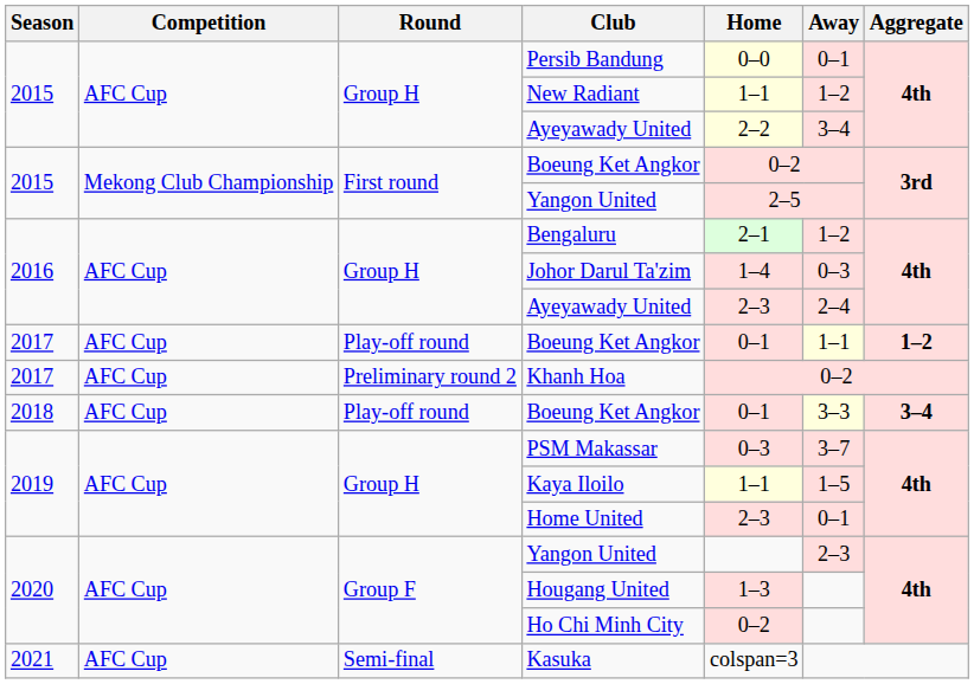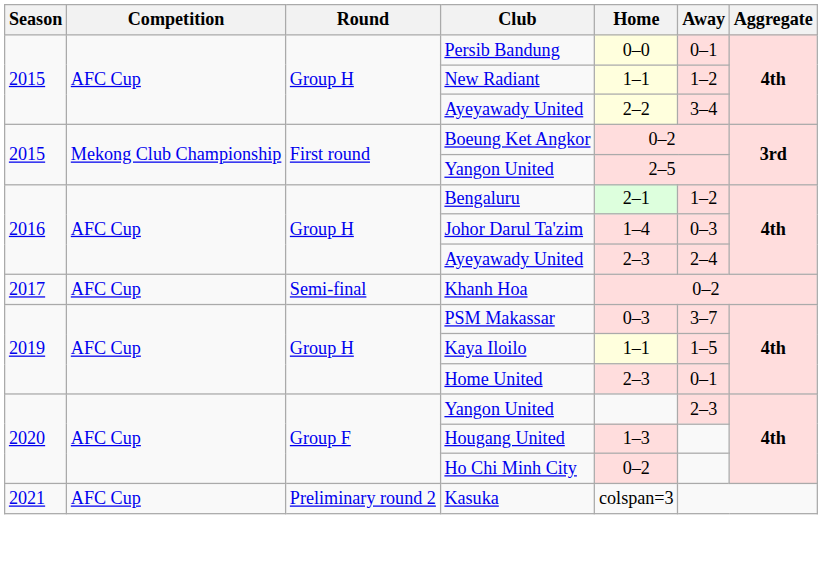 <table class="wikitable mw-collapsible mw-collapsed" align=center cellspacing="0" cellpadding="3" style="border:1px solid #AAAAAA;font-size:90%">
 <tr>
 <th>Season</th>
 <th>Competition</th>
 <th>Round</th>
 <th>Club</th>
 <th>Home</th>
 <th>Away</th>
 <th>Aggregate</th>
 </tr>
 <tr>
 <td rowspan="3"><a href='#'>2015</a></td>
 <td rowspan="3"><a href='#'>AFC Cup</a></td>
 <td rowspan="3"><a href='#'>Group H</a></td>
 <td> <a href='#'>Persib Bandung</a></td>
 <td bgcolor="#ffffdd" style="text-align:center;">0–0</td>
 <td bgcolor="#ffdddd" style="text-align:center;">0–1</td>
 <td bgcolor="#ffdddd" rowspan=3 align="center"><strong>4th</strong></td>
 </tr>
 <tr>
 <td> <a href='#'>New Radiant</a></td>
 <td bgcolor="#ffffdd" style="text-align:center;">1–1</td>
 <td bgcolor="#ffdddd" style="text-align:center;">1–2</td>
 </tr>
 <tr>
 <td> <a href='#'>Ayeyawady United</a></td>
 <td bgcolor="#ffffdd" style="text-align:center;">2–2</td>
 <td bgcolor="#ffdddd" style="text-align:center;">3–4</td>
 </tr>
 <tr>
 <td rowspan="2"><a href='#'>2015</a></td>
 <td rowspan="2"><a href='#'>Mekong Club Championship</a></td>
 <td rowspan="2"><a href='#'>First round</a></td>
 <td> <a href='#'>Boeung Ket Angkor</a></td>
 <td colspan="2" bgcolor="#ffdddd" style="text-align:center;">0–2</td>
 <td bgcolor="#ffdddd" rowspan=2 align="center"><strong>3rd</strong></td>
 </tr>
 <tr>
 <td> <a href='#'>Yangon United</a></td>
 <td colspan="2" bgcolor="#ffdddd" style="text-align:center;">2–5</td>
 </tr>
 <tr>
 <td rowspan="3"><a href='#'>2016</a></td>
 <td rowspan="3"><a href='#'>AFC Cup</a></td>
 <td rowspan="3"><a href='#'>Group H</a></td>
 <td> <a href='#'>Bengaluru</a></td>
 <td bgcolor="#ddffdd" style="text-align:center;">2–1</td>
 <td bgcolor="#ffdddd" style="text-align:center;">1–2</td>
 <td bgcolor="#ffdddd" rowspan=3 align="center"><strong>4th</strong></td>
 </tr>
 <tr>
 <td> <a href='#'>Johor Darul Ta'zim</a></td>
 <td bgcolor="#ffdddd" style="text-align:center;">1–4</td>
 <td bgcolor="#ffdddd" style="text-align:center;">0–3</td>
 </tr>
 <tr>
 <td> <a href='#'>Ayeyawady United</a></td>
 <td bgcolor="#ffdddd" style="text-align:center;">2–3</td>
 <td bgcolor="#ffdddd" style="text-align:center;">2–4</td>
 </tr>
 <tr>
 <td rowspan="1"><a href='#'>2017</a></td>
 <td rowspan="1"><a href='#'>AFC Cup</a></td>
-<td rowspan="1"><a href='#'>Play-off round</a></td>
-<td> <a href='#'>Boeung Ket Angkor</a></td>
-<td bgcolor="#ffdddd" style="text-align:center;">0–1</td>
-<td bgcolor="#ffffdd" style="text-align:center;">1–1</td>
-<td bgcolor="#ffdddd" style="text-align:center;"><strong>1–2</strong></td>
-</tr>
-<tr>
-<td rowspan="1"><a href='#'>2017</a></td>
-<td rowspan="1"><a href='#'>AFC Cup</a></td>
-<td rowspan="1"><a href='#'>Preliminary round 2</a></td>
+<td rowspan="1"><a href='#'>Semi-final</a></td>
 <td> <a href='#'>Khanh Hoa</a></td>
 <td colspan="3" bgcolor="#ffdddd" style="text-align:center;">0–2</td>
-</tr>
-<tr>
-<td rowspan="1"><a href='#'>2018</a></td>
-<td rowspan="1"><a href='#'>AFC Cup</a></td>
-<td rowspan="1"><a href='#'>Play-off round</a></td>
-<td> <a href='#'>Boeung Ket Angkor</a></td>
-<td bgcolor="#ffdddd" style="text-align:center;">0–1</td>
-<td bgcolor="#ffffdd" style="text-align:center;">3–3</td>
-<td bgcolor="#ffdddd" style="text-align:center;"><strong>3–4</strong></td>
 </tr>
 <tr>
 <td rowspan="3"><a href='#'>2019</a></td>
 <td rowspan="3"><a href='#'>AFC Cup</a></td>
 <td rowspan="3"><a href='#'>Group H</a></td>
 <td> <a href='#'>PSM Makassar</a></td>
 <td bgcolor="#ffdddd" style="text-align:center;">0–3</td>
 <td bgcolor="#ffdddd" style="text-align:center;">3–7</td>
 <td bgcolor="#ffdddd" rowspan=3 align="center"><strong>4th</strong></td>
 </tr>
 <tr>
 <td> <a href='#'>Kaya Iloilo</a></td>
 <td bgcolor="#ffffdd" style="text-align:center;">1–1</td>
 <td bgcolor="#ffdddd" style="text-align:center;">1–5</td>
 </tr>
 <tr>
 <td> <a href='#'>Home United</a></td>
 <td bgcolor="#ffdddd" style="text-align:center;">2–3</td>
 <td bgcolor="#ffdddd" style="text-align:center;">0–1</td>
 </tr>
 <tr>
 <td rowspan="3"><a href='#'>2020</a></td>
 <td rowspan="3"><a href='#'>AFC Cup</a></td>
 <td rowspan="3"><a href='#'>Group F</a></td>
 <td> <a href='#'>Yangon United</a></td>
 <td></td>
 <td bgcolor="#ffdddd" style="text-align:center;">2–3</td>
 <td bgcolor="#ffdddd" rowspan=3 align="center"><strong>4th</strong></td>
 </tr>
 <tr>
 <td> <a href='#'>Hougang United</a></td>
 <td bgcolor="#ffdddd" style="text-align:center;">1–3</td>
 <td></td>
 </tr>
 <tr>
 <td> <a href='#'>Ho Chi Minh City</a></td>
 <td bgcolor="#ffdddd" style="text-align:center;">0–2</td>
 <td></td>
 </tr>
 <tr>
 <td rowspan="1"><a href='#'>2021</a></td>
 <td rowspan="1"><a href='#'>AFC Cup</a></td>
-<td rowspan="1"><a href='#'>Semi-final</a></td>
+<td rowspan="1"><a href='#'>Preliminary round 2</a></td>
 <td> <a href='#'>Kasuka</a></td>
 <td>colspan=3 </td>
 </tr>
 </table>
